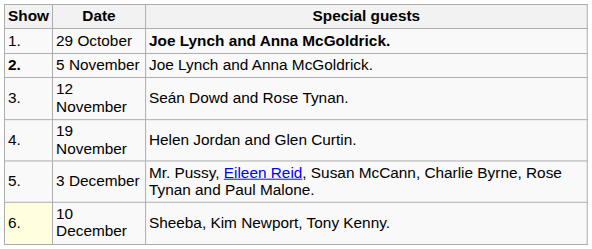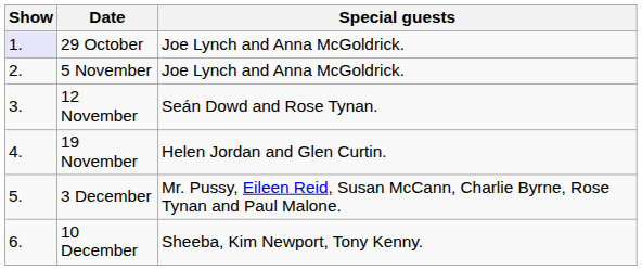 <table class="wikitable">
 <tr>
 <th>Show</th>
 <th>Date</th>
 <th>Special guests</th>
 </tr>
 <tr>
-<td>1.</td>
+<td style="background: lavender;">1.</td>
 <td>29 October</td>
-<td><strong>Joe Lynch and Anna McGoldrick.</strong></td>
+<td>Joe Lynch and Anna McGoldrick.</td>
 </tr>
 <tr>
-<td><strong>2.</strong></td>
+<td>2.</td>
 <td>5 November</td>
 <td>Joe Lynch and Anna McGoldrick.</td>
 </tr>
 <tr>
 <td>3.</td>
 <td>12 November</td>
 <td>Seán Dowd and Rose Tynan.</td>
 </tr>
 <tr>
 <td>4.</td>
 <td>19 November</td>
 <td>Helen Jordan and Glen Curtin.</td>
 </tr>
 <tr>
 <td>5.</td>
 <td>3 December</td>
 <td>Mr. Pussy, <a href='#'>Eileen Reid</a>, Susan McCann, Charlie Byrne, Rose Tynan and Paul Malone.</td>
 </tr>
 <tr>
-<td style="background: lightyellow;">6.</td>
+<td>6.</td>
 <td>10 December</td>
 <td>Sheeba, Kim Newport, Tony Kenny.</td>
 </tr>
 <tr>
 </tr>
 </table>
